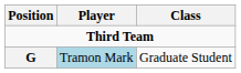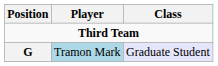 <table class="wikitable">
 <tr>
 <th>Position</th>
 <th>Player</th>
 <th>Class</th>
 </tr>
 <tr>
 <td colspan="4" style="text-align:center; "><strong>Third Team</strong></td>
 </tr>
 <tr style="text-align:center;">
 <th rowspan="1">G</th>
 <td style="background: lightblue;">Tramon Mark</td>
-<td>Graduate Student</td>
+<td style="background: lavender;">Graduate Student</td>
 </tr>
 </table>
